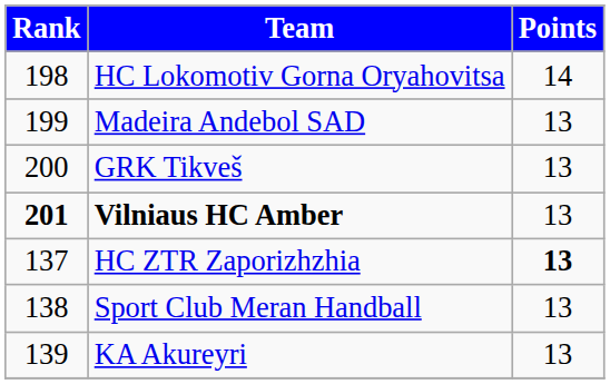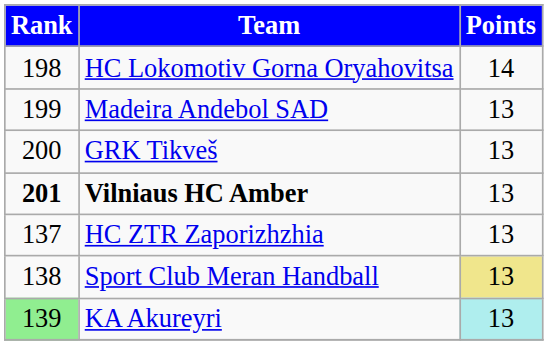 <table class="wikitable" style="text-align: center">
 <tr>
 <th style="color:white; background:blue">Rank</th>
 <th style="color:white; background:blue">Team</th>
 <th style="color:white; background:blue">Points</th>
 </tr>
 <tr>
 <td>198</td>
 <td align=left> <a href='#'>HC Lokomotiv Gorna Oryahovitsa</a></td>
 <td>14</td>
 </tr>
 <tr>
 <td>199</td>
 <td align=left> <a href='#'>Madeira Andebol SAD</a></td>
 <td>13</td>
 </tr>
 <tr>
 <td>200</td>
 <td align=left> <a href='#'>GRK Tikveš</a></td>
 <td>13</td>
 </tr>
 <tr>
 <td><strong>201</strong></td>
 <td align=left> <strong>Vilniaus HC Amber</strong></td>
 <td>13</td>
 </tr>
 <tr>
 <td>137</td>
 <td align=left> <a href='#'>HC ZTR Zaporizhzhia</a></td>
-<td><strong>13</strong></td>
+<td>13</td>
 </tr>
 <tr>
 <td>138</td>
 <td align=left> <a href='#'>Sport Club Meran Handball</a></td>
-<td>13</td>
+<td style="background: khaki;">13</td>
 </tr>
 <tr>
-<td>139</td>
+<td style="background: lightgreen;">139</td>
 <td align=left> <a href='#'>KA Akureyri</a></td>
-<td>13</td>
+<td style="background: paleturquoise;">13</td>
 </tr>
 <tr>
 </tr>
 </table>
